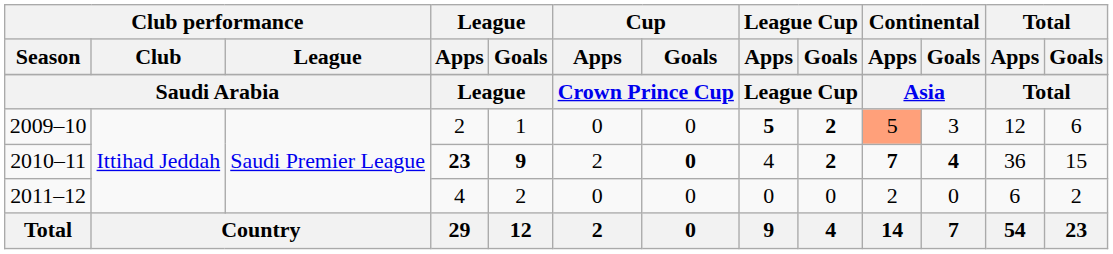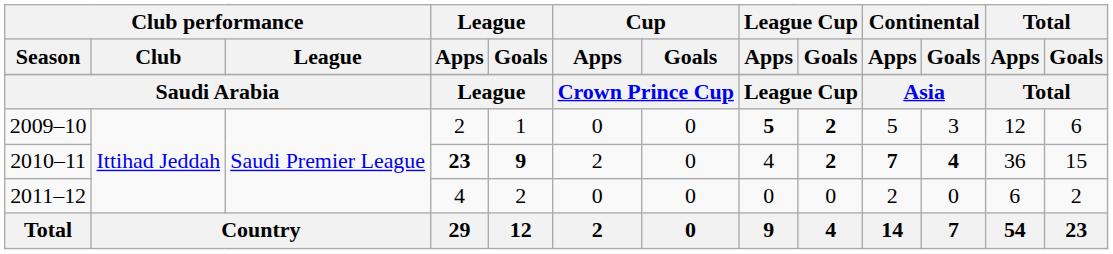 <table class="wikitable" style="text-align:center">
 <tr>
 <th colspan=3>Club performance</th>
 <th colspan=2>League</th>
 <th colspan=2>Cup</th>
 <th colspan=2>League Cup</th>
 <th colspan=2>Continental</th>
 <th colspan=2>Total</th>
 </tr>
 <tr>
 <th>Season</th>
 <th>Club</th>
 <th>League</th>
 <th>Apps</th>
 <th>Goals</th>
 <th>Apps</th>
 <th>Goals</th>
 <th>Apps</th>
 <th>Goals</th>
 <th>Apps</th>
 <th>Goals</th>
 <th>Apps</th>
 <th>Goals</th>
 </tr>
 <tr>
 </tr>
 <tr>
 <th colspan=3>Saudi Arabia</th>
 <th colspan=2>League</th>
 <th colspan=2><a href='#'>Crown Prince Cup</a></th>
 <th colspan=2>League Cup</th>
 <th colspan=2><a href='#'>Asia</a></th>
 <th colspan=2>Total</th>
 </tr>
 <tr>
 <td>2009–10</td>
 <td rowspan="3"><a href='#'>Ittihad Jeddah</a></td>
 <td rowspan="3"><a href='#'>Saudi Premier League</a></td>
 <td>2</td>
 <td>1</td>
 <td>0</td>
 <td>0</td>
 <td><strong>5</strong></td>
 <td><strong>2</strong></td>
-<td style="background: lightsalmon;">5</td>
+<td>5</td>
 <td>3</td>
 <td>12</td>
 <td>6</td>
 </tr>
 <tr>
 <td>2010–11</td>
 <td><strong>23</strong></td>
 <td><strong>9</strong></td>
 <td>2</td>
-<td><strong>0</strong></td>
+<td>0</td>
 <td>4</td>
 <td><strong>2</strong></td>
 <td><strong>7</strong></td>
 <td><strong>4</strong></td>
 <td>36</td>
 <td>15</td>
 </tr>
 <tr>
 <td>2011–12</td>
 <td>4</td>
 <td>2</td>
 <td>0</td>
 <td>0</td>
 <td>0</td>
 <td>0</td>
 <td>2</td>
 <td>0</td>
 <td>6</td>
 <td>2</td>
 </tr>
 <tr>
 <th rowspan=1>Total</th>
 <th colspan=2>Country</th>
 <th>29</th>
 <th>12</th>
 <th>2</th>
 <th>0</th>
 <th>9</th>
 <th>4</th>
 <th>14</th>
 <th>7</th>
 <th>54</th>
 <th>23</th>
 </tr>
 </table>
